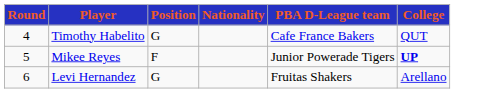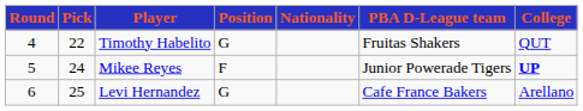 <table class="wikitable sortable sortable">
 <tr>
 <th style="background:#2631C2; color:#F05B28; ">Round</th>
+<th style="background:#2631C2; color:#F05B28; ">Pick</th>
 <th style="background:#2631C2; color:#F05B28; ">Player</th>
 <th style="background:#2631C2; color:#F05B28; ">Position</th>
 <th style="background:#2631C2; color:#F05B28; ">Nationality</th>
 <th style="background:#2631C2; color:#F05B28; ">PBA D-League team</th>
 <th style="background:#2631C2; color:#F05B28; ">College</th>
 </tr>
 <tr>
 <td align=center>4</td>
+<td align=center>22</td>
 <td><a href='#'>Timothy Habelito</a></td>
 <td>G</td>
 <td></td>
-<td><a href='#'>Cafe France Bakers</a></td>
+<td>Fruitas Shakers</td>
 <td><a href='#'>QUT</a></td>
 </tr>
 <tr>
 <td align=center>5</td>
+<td align=center>24</td>
 <td><a href='#'>Mikee Reyes</a></td>
 <td>F</td>
 <td></td>
 <td>Junior Powerade Tigers</td>
 <td><strong><a href='#'>UP</a></strong></td>
 </tr>
 <tr>
 <td align=center>6</td>
+<td align=center>25</td>
 <td><a href='#'>Levi Hernandez</a></td>
 <td>G</td>
 <td></td>
-<td>Fruitas Shakers</td>
+<td><a href='#'>Cafe France Bakers</a></td>
 <td><a href='#'>Arellano</a></td>
 </tr>
 </table>
